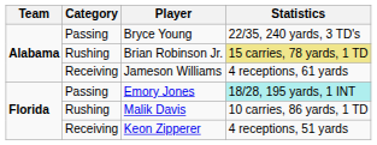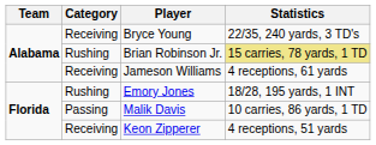 <table class="wikitable" style="float: right;">
 <tr>
 <th>Team</th>
 <th>Category</th>
 <th>Player</th>
 <th>Statistics</th>
 </tr>
 <tr>
 <td rowspan=3><strong>Alabama</strong></td>
-<td>Passing</td>
+<td>Receiving</td>
 <td>Bryce Young</td>
 <td>22/35, 240 yards, 3 TD's</td>
 </tr>
 <tr>
 <td>Rushing</td>
 <td>Brian Robinson Jr.</td>
 <td style="background: khaki;">15 carries, 78 yards, 1 TD</td>
 </tr>
 <tr>
 <td>Receiving</td>
 <td>Jameson Williams</td>
 <td>4 receptions, 61 yards</td>
 </tr>
 <tr>
 <td rowspan=3><strong>Florida</strong></td>
-<td>Passing</td>
+<td>Rushing</td>
 <td><a href='#'>Emory Jones</a></td>
-<td style="background: paleturquoise;">18/28, 195 yards, 1 INT</td>
+<td>18/28, 195 yards, 1 INT</td>
 </tr>
 <tr>
-<td>Rushing</td>
+<td>Passing</td>
 <td><a href='#'>Malik Davis</a></td>
 <td>10 carries, 86 yards, 1 TD</td>
 </tr>
 <tr>
 <td>Receiving</td>
 <td><a href='#'>Keon Zipperer</a></td>
 <td>4 receptions, 51 yards</td>
 </tr>
 </table>
